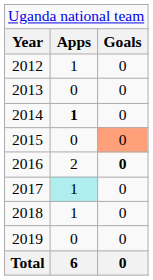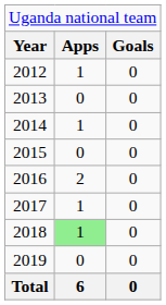 <table class="wikitable" style="text-align:center">
 <tr>
 <td colspan="3"><a href='#'>Uganda national team</a></td>
 </tr>
 <tr>
 <th>Year</th>
 <th>Apps</th>
 <th>Goals</th>
 </tr>
 <tr>
 <td>2012</td>
 <td>1</td>
 <td>0</td>
 </tr>
 <tr>
 <td>2013</td>
 <td>0</td>
 <td>0</td>
 </tr>
 <tr>
 <td>2014</td>
-<td><strong>1</strong></td>
+<td>1</td>
 <td>0</td>
 </tr>
 <tr>
 <td>2015</td>
 <td>0</td>
-<td style="background: lightsalmon;">0</td>
+<td>0</td>
 </tr>
 <tr>
 <td>2016</td>
 <td>2</td>
-<td><strong>0</strong></td>
+<td>0</td>
 </tr>
 <tr>
 <td>2017</td>
-<td style="background: paleturquoise;">1</td>
+<td>1</td>
 <td>0</td>
 </tr>
 <tr>
 <td>2018</td>
-<td>1</td>
+<td style="background: lightgreen;">1</td>
 <td>0</td>
 </tr>
 <tr>
 <td>2019</td>
 <td>0</td>
 <td>0</td>
 </tr>
 <tr>
 <th>Total</th>
 <th>6</th>
 <th>0</th>
 </tr>
 </table>
